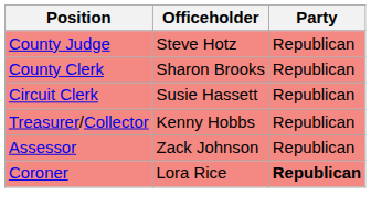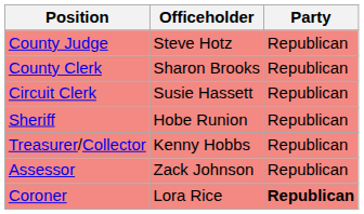 <table class="wikitable mw-collapsible">
 <tr>
 <th>Position</th>
 <th>Officeholder</th>
 <th>Party</th>
 </tr>
 <tr style="background-color:#F48882;">
 <td><a href='#'>County Judge</a></td>
 <td>Steve Hotz</td>
 <td>Republican</td>
 </tr>
 <tr style="background-color:#F48882;">
 <td><a href='#'>County Clerk</a></td>
 <td>Sharon Brooks</td>
 <td>Republican</td>
 </tr>
 <tr style="background-color:#F48882;">
 <td><a href='#'>Circuit Clerk</a></td>
 <td>Susie Hassett</td>
 <td>Republican</td>
 </tr>
 <tr style="background-color:#F48882;">
+<td><a href='#'>Sheriff</a></td>
+<td>Hobe Runion</td>
+<td>Republican</td>
+</tr>
+<tr style="background-color:#F48882;">
 <td><a href='#'>Treasurer</a>/<a href='#'>Collector</a></td>
 <td>Kenny Hobbs</td>
 <td>Republican</td>
 </tr>
 <tr style="background-color:#F48882;">
 <td><a href='#'>Assessor</a></td>
 <td>Zack Johnson</td>
 <td>Republican</td>
 </tr>
 <tr style="background-color:#F48882;">
 <td><a href='#'>Coroner</a></td>
 <td>Lora Rice</td>
 <td><strong>Republican</strong></td>
 </tr>
 </table>
